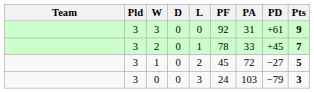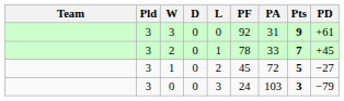 <table class="wikitable" style="text-align:center;">
 <tr>
 <th width=175>Team</th>
 <th width=25 abbr="Played">Pld</th>
 <th width=25 abbr="Won">W</th>
 <th width=25 abbr="Drawn">D</th>
 <th width=25 abbr="Lost">L</th>
 <th width=32 abbr="Points for">PF</th>
 <th width=32 abbr="Points against">PA</th>
+<th width=25 abbr="Points">Pts</th>
 <th width=32 abbr="Points difference">PD</th>
-<th width=25 abbr="Points">Pts</th>
 </tr>
 <tr bgcolor="#ccffcc">
 <td align=left></td>
 <td>3</td>
 <td>3</td>
 <td>0</td>
 <td>0</td>
 <td>92</td>
 <td>31</td>
+<td><strong>9</strong></td>
 <td>+61</td>
-<td><strong>9</strong></td>
 </tr>
 <tr bgcolor="#ccffcc">
 <td align=left></td>
 <td>3</td>
 <td>2</td>
 <td>0</td>
 <td>1</td>
 <td>78</td>
 <td>33</td>
+<td><strong>7</strong></td>
 <td>+45</td>
-<td><strong>7</strong></td>
 </tr>
 <tr>
 <td align=left></td>
 <td>3</td>
 <td>1</td>
 <td>0</td>
 <td>2</td>
 <td>45</td>
 <td>72</td>
+<td><strong>5</strong></td>
 <td>−27</td>
-<td><strong>5</strong></td>
 </tr>
 <tr>
 <td align=left></td>
 <td>3</td>
 <td>0</td>
 <td>0</td>
 <td>3</td>
 <td>24</td>
 <td>103</td>
+<td><strong>3</strong></td>
 <td>−79</td>
-<td><strong>3</strong></td>
 </tr>
 </table>
